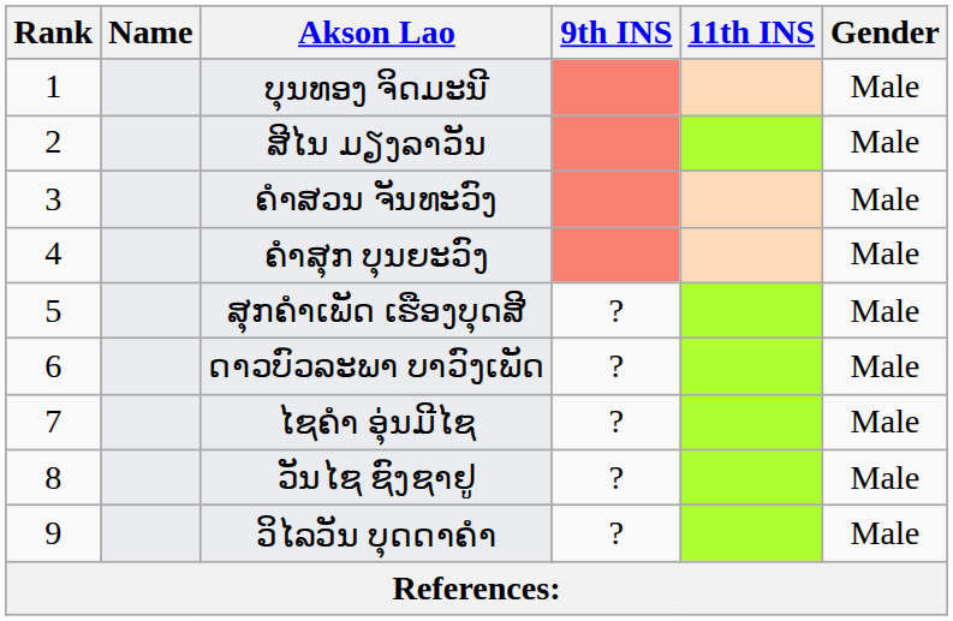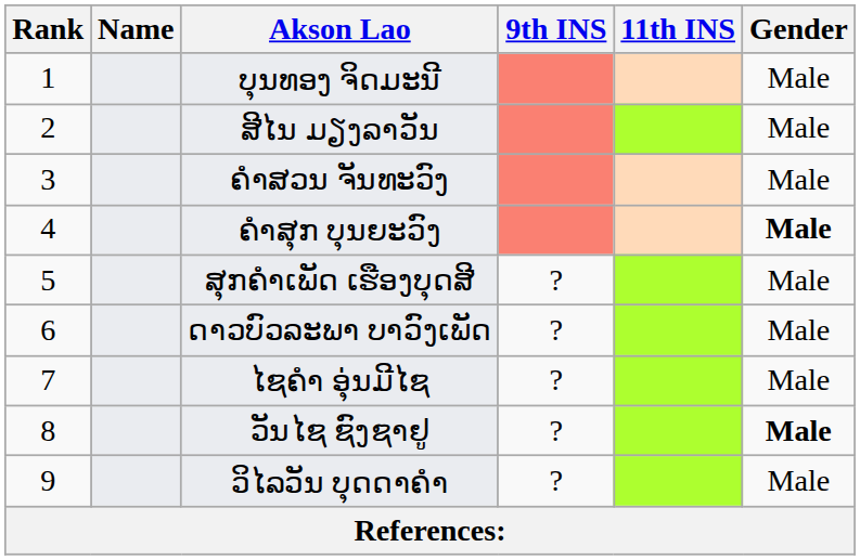 <table class="wikitable sortable" style=text-align:center>
 <tr>
 <th>Rank</th>
 <th>Name</th>
 <th class="unsortable"><a href='#'>Akson Lao</a></th>
 <th unsortable><a href='#'>9th INS</a></th>
 <th unsortable><a href='#'>11th INS</a></th>
 <th>Gender</th>
 </tr>
 <tr>
 <td>1</td>
 <td bgcolor = #EAECF0></td>
 <td bgcolor = #EAECF0>ບຸນທອງ ຈິດມະນີ</td>
 <td bgcolor = Salmon></td>
 <td bgcolor = PeachPuff></td>
 <td>Male</td>
 </tr>
 <tr>
 <td>2</td>
 <td bgcolor = #EAECF0></td>
 <td bgcolor = #EAECF0>ສີໄນ ມຽງລາວັນ</td>
 <td bgcolor = Salmon></td>
 <td bgcolor = GreenYellow></td>
 <td>Male</td>
 </tr>
 <tr>
 <td>3</td>
 <td bgcolor = #EAECF0></td>
 <td bgcolor = #EAECF0>ຄໍາສວນ ຈັນທະວົງ</td>
 <td bgcolor = Salmon></td>
 <td bgcolor = PeachPuff></td>
 <td>Male</td>
 </tr>
 <tr>
 <td>4</td>
 <td bgcolor = #EAECF0></td>
 <td bgcolor = #EAECF0>ຄໍາສຸກ ບຸນຍະວົງ</td>
 <td bgcolor = Salmon></td>
 <td bgcolor = PeachPuff></td>
-<td>Male</td>
+<td><strong>Male</strong></td>
 </tr>
 <tr>
 <td>5</td>
 <td bgcolor = #EAECF0></td>
 <td bgcolor = #EAECF0>ສຸກຄໍາເພັດ ເຮືອງບຸດສີ</td>
 <td>?</td>
 <td bgcolor = GreenYellow></td>
 <td>Male</td>
 </tr>
 <tr>
 <td>6</td>
 <td bgcolor = #EAECF0></td>
 <td bgcolor = #EAECF0>ດາວບົວລະພາ ບາວົງເພັດ</td>
 <td>?</td>
 <td bgcolor = GreenYellow></td>
 <td>Male</td>
 </tr>
 <tr>
 <td>7</td>
 <td bgcolor = #EAECF0></td>
 <td bgcolor = #EAECF0>ໄຊຄໍາ ອຸ່ນມີໄຊ</td>
 <td>?</td>
 <td bgcolor = GreenYellow></td>
 <td>Male</td>
 </tr>
 <tr>
 <td>8</td>
 <td bgcolor = #EAECF0></td>
 <td bgcolor = #EAECF0>ວັນໄຊ ຊົງຊາຢູ</td>
 <td>?</td>
 <td bgcolor = GreenYellow></td>
-<td>Male</td>
+<td><strong>Male</strong></td>
 </tr>
 <tr>
 <td>9</td>
 <td bgcolor = #EAECF0></td>
 <td bgcolor = #EAECF0>ວິໄລວັນ ບຸດດາຄໍາ</td>
 <td>?</td>
 <td bgcolor = GreenYellow></td>
 <td>Male</td>
 </tr>
 <tr class=sortbottom>
 <th colspan="23" align = left><strong>References:</strong><br></th>
 </tr>
 </table>
